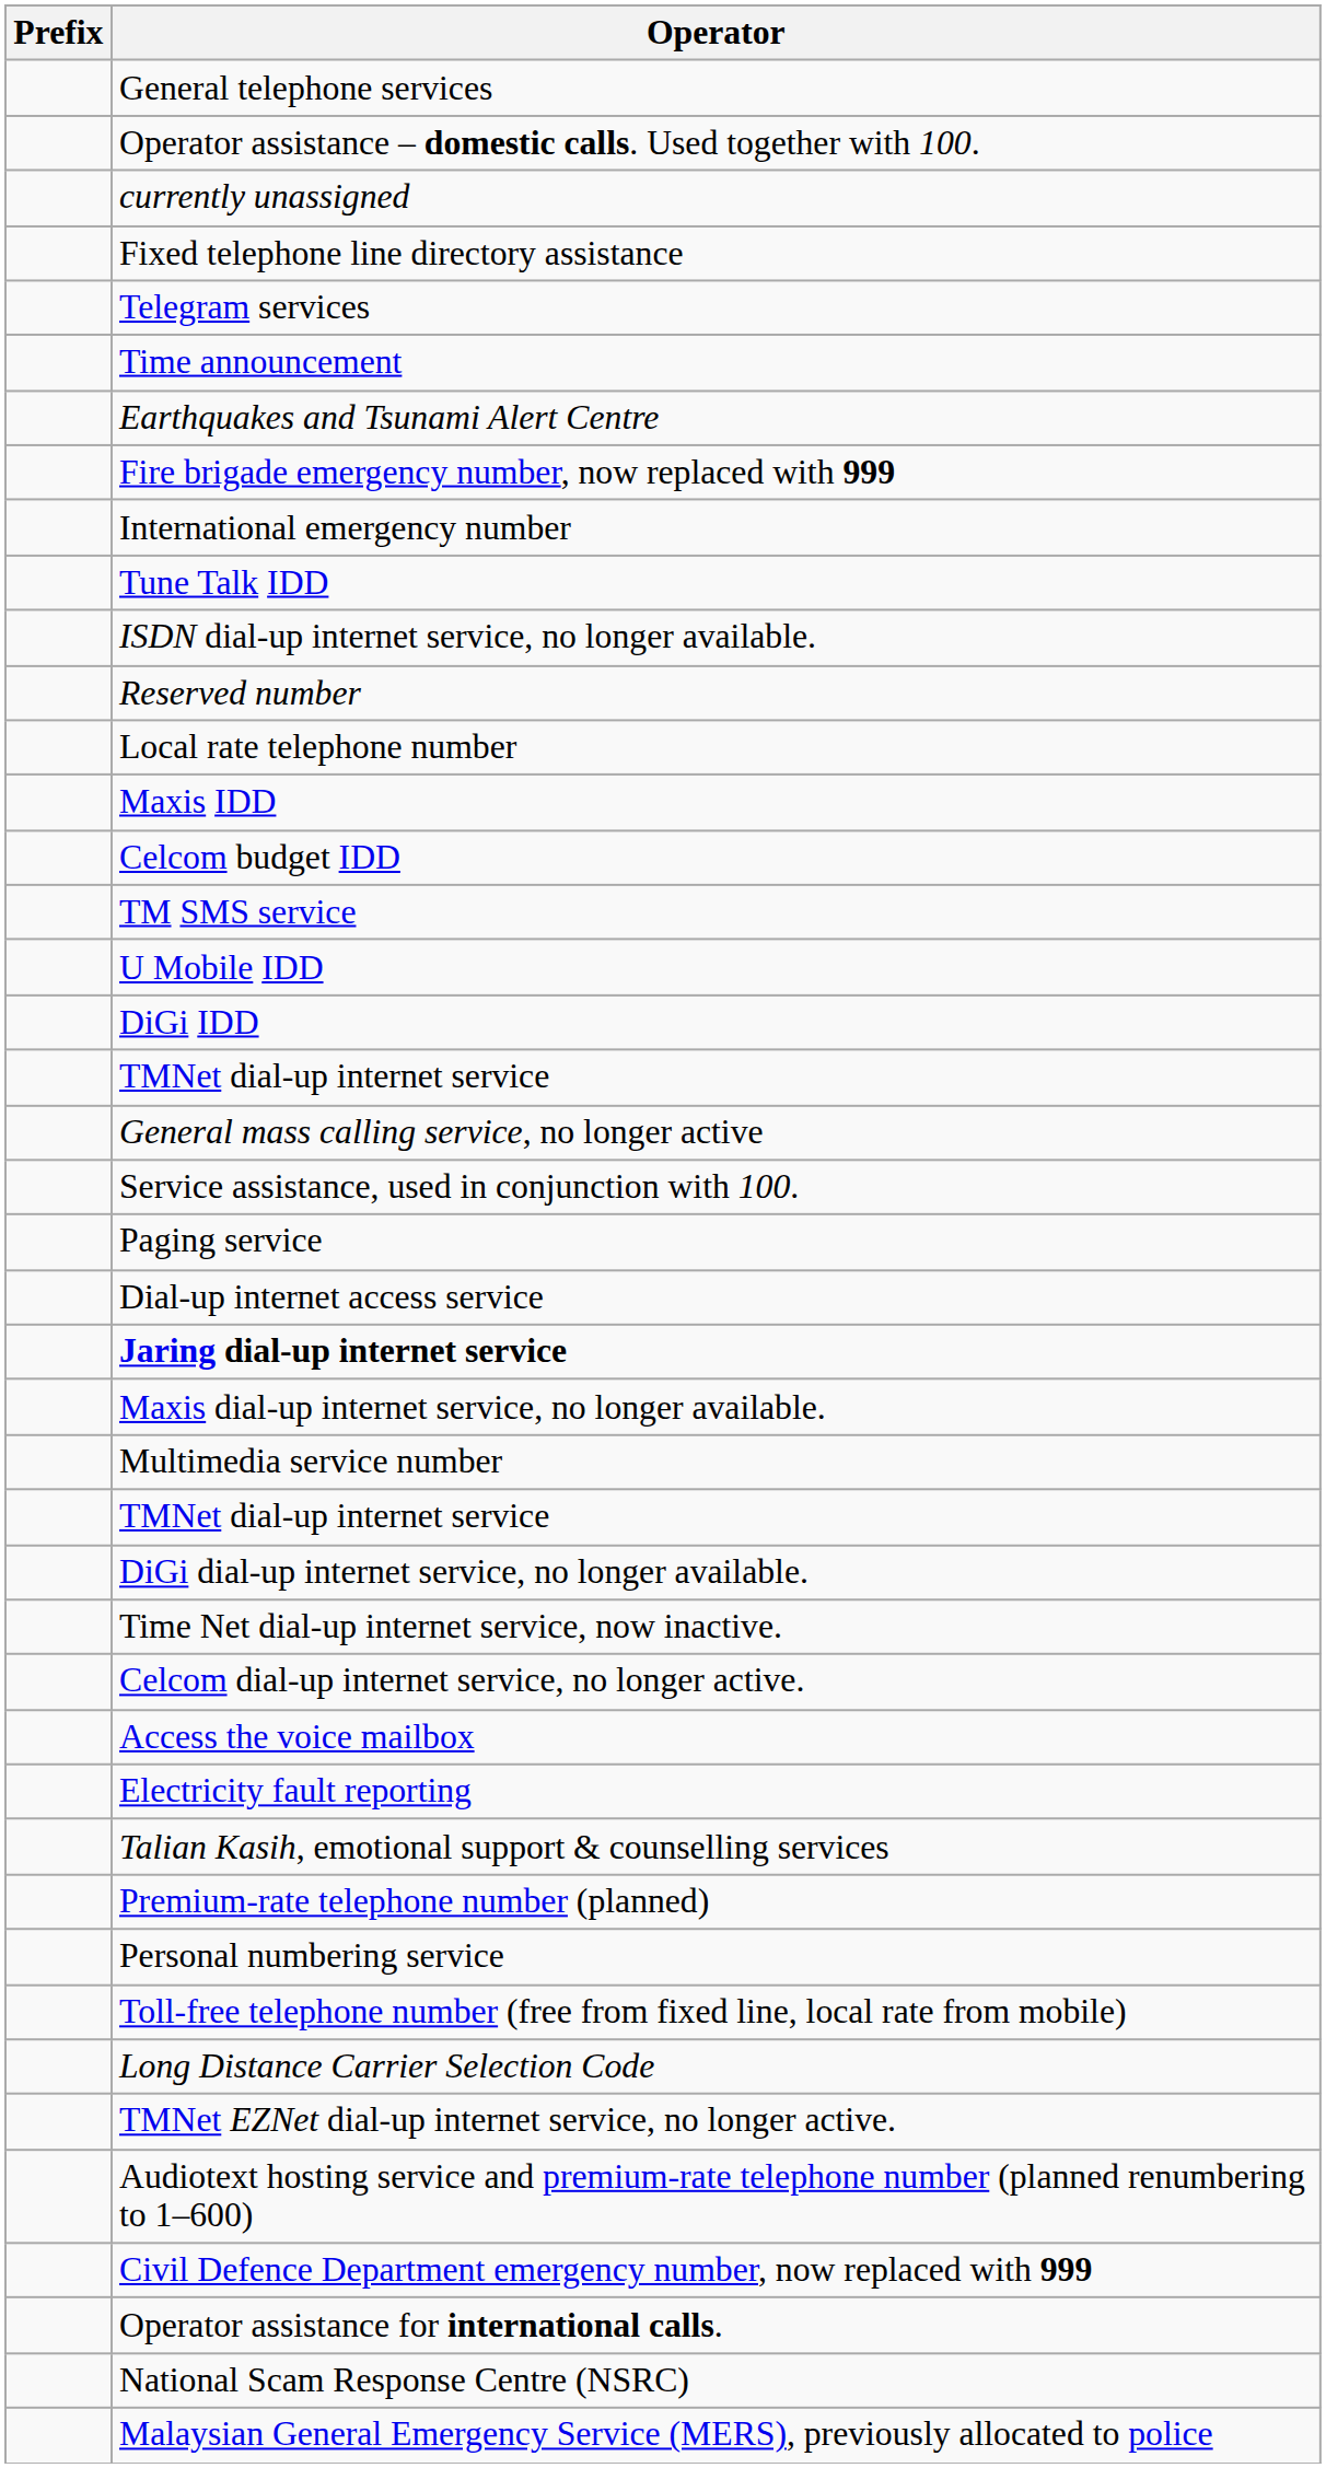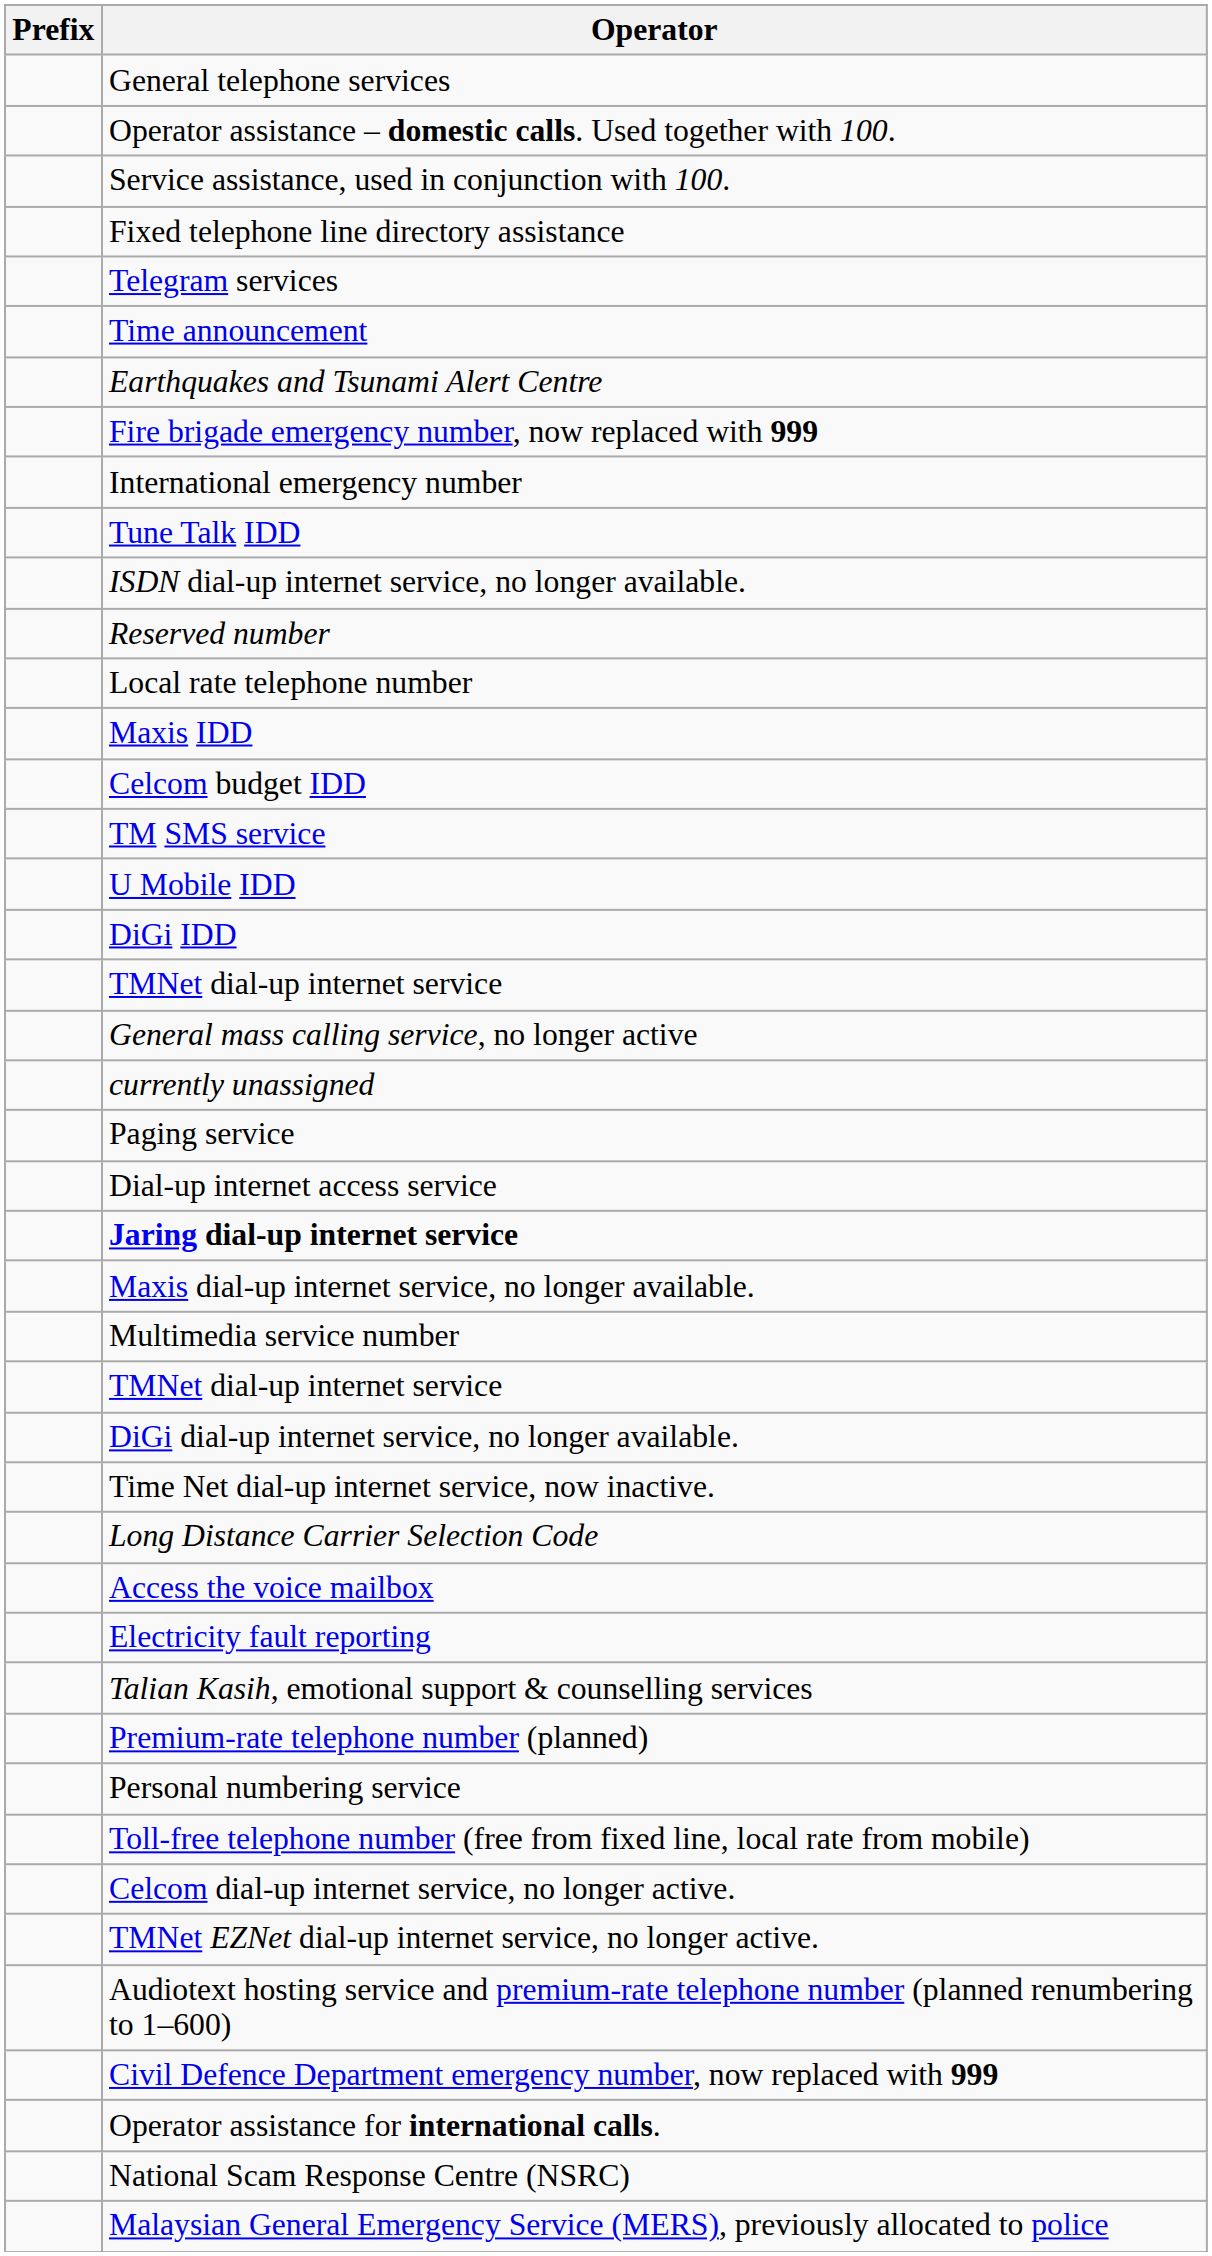 <table class="wikitable">
 <tr>
 <th>Prefix</th>
 <th>Operator</th>
 </tr>
 <tr>
 <td></td>
 <td>General telephone services</td>
 </tr>
 <tr>
 <td></td>
 <td>Operator assistance – <strong>domestic calls</strong>. Used together with <em>100</em>.</td>
 </tr>
 <tr>
 <td></td>
-<td><em>currently unassigned</em></td>
+<td>Service assistance, used in conjunction with <em>100</em>.</td>
 </tr>
 <tr>
 <td></td>
 <td>Fixed telephone line directory assistance</td>
 </tr>
 <tr>
 <td></td>
 <td><a href='#'>Telegram</a> services</td>
 </tr>
 <tr>
 <td></td>
 <td><a href='#'>Time announcement</a></td>
 </tr>
 <tr>
 <td></td>
 <td><em>Earthquakes and Tsunami Alert Centre</em></td>
 </tr>
 <tr>
 <td></td>
 <td><a href='#'>Fire brigade emergency number</a>, now replaced with <strong>999</strong></td>
 </tr>
 <tr>
 <td></td>
 <td>International emergency number</td>
 </tr>
 <tr>
 <td></td>
 <td><a href='#'>Tune Talk</a> <a href='#'>IDD</a></td>
 </tr>
 <tr>
 <td></td>
 <td><em>ISDN</em> dial-up internet service, no longer available.</td>
 </tr>
 <tr>
 <td></td>
 <td><em>Reserved number</em></td>
 </tr>
 <tr>
 <td></td>
 <td>Local rate telephone number</td>
 </tr>
 <tr>
 <td></td>
 <td><a href='#'>Maxis</a> <a href='#'>IDD</a></td>
 </tr>
 <tr>
 <td></td>
 <td><a href='#'>Celcom</a> budget <a href='#'>IDD</a></td>
 </tr>
 <tr>
 <td></td>
 <td><a href='#'>TM</a> <a href='#'>SMS service</a></td>
 </tr>
 <tr>
 <td></td>
 <td><a href='#'>U Mobile</a> <a href='#'>IDD</a></td>
 </tr>
 <tr>
 <td></td>
 <td><a href='#'>DiGi</a> <a href='#'>IDD</a></td>
 </tr>
 <tr>
 <td></td>
 <td><a href='#'>TMNet</a> dial-up internet service</td>
 </tr>
 <tr>
 <td></td>
 <td><em>General mass calling service</em>, no longer active</td>
 </tr>
 <tr>
 <td></td>
-<td>Service assistance, used in conjunction with <em>100</em>.</td>
+<td><em>currently unassigned</em></td>
 </tr>
 <tr>
 <td></td>
 <td>Paging service</td>
 </tr>
 <tr>
 <td></td>
 <td>Dial-up internet access service</td>
 </tr>
 <tr>
 <td></td>
 <td><strong><a href='#'>Jaring</a> dial-up internet service</strong></td>
 </tr>
 <tr>
 <td></td>
 <td><a href='#'>Maxis</a> dial-up internet service, no longer available.</td>
 </tr>
 <tr>
 <td></td>
 <td>Multimedia service number</td>
 </tr>
 <tr>
 <td></td>
 <td><a href='#'>TMNet</a> dial-up internet service</td>
 </tr>
 <tr>
 <td></td>
 <td><a href='#'>DiGi</a> dial-up internet service, no longer available.</td>
 </tr>
 <tr>
 <td></td>
 <td>Time Net dial-up internet service, now inactive.</td>
 </tr>
 <tr>
 <td></td>
-<td><a href='#'>Celcom</a> dial-up internet service, no longer active.</td>
+<td><em>Long Distance Carrier Selection Code</em></td>
 </tr>
 <tr>
 <td></td>
 <td><a href='#'>Access the voice mailbox</a></td>
 </tr>
 <tr>
 <td></td>
 <td><a href='#'>Electricity fault reporting</a></td>
 </tr>
 <tr>
 <td></td>
 <td><em>Talian Kasih</em>, emotional support & counselling services</td>
 </tr>
 <tr>
 <td></td>
 <td><a href='#'>Premium-rate telephone number</a> (planned)</td>
 </tr>
 <tr>
 <td></td>
 <td>Personal numbering service</td>
 </tr>
 <tr>
 <td></td>
 <td><a href='#'>Toll-free telephone number</a> (free from fixed line, local rate from mobile)</td>
 </tr>
 <tr>
 <td></td>
-<td><em>Long Distance Carrier Selection Code</em></td>
+<td><a href='#'>Celcom</a> dial-up internet service, no longer active.</td>
 </tr>
 <tr>
 <td></td>
 <td><a href='#'>TMNet</a> <em>EZNet</em> dial-up internet service, no longer active.</td>
 </tr>
 <tr>
 <td></td>
 <td>Audiotext hosting service and <a href='#'>premium-rate telephone number</a> (planned renumbering to 1–600)</td>
 </tr>
 <tr>
 <td></td>
 <td><a href='#'>Civil Defence Department emergency number</a>, now replaced with <strong>999</strong></td>
 </tr>
 <tr>
 <td></td>
 <td>Operator assistance for <strong>international calls</strong>.</td>
 </tr>
 <tr>
 <td></td>
 <td>National Scam Response Centre (NSRC)</td>
 </tr>
 <tr>
 <td></td>
 <td><a href='#'>Malaysian General Emergency Service (MERS)</a>, previously allocated to <a href='#'>police</a></td>
 </tr>
 <tr>
 </tr>
 </table>
